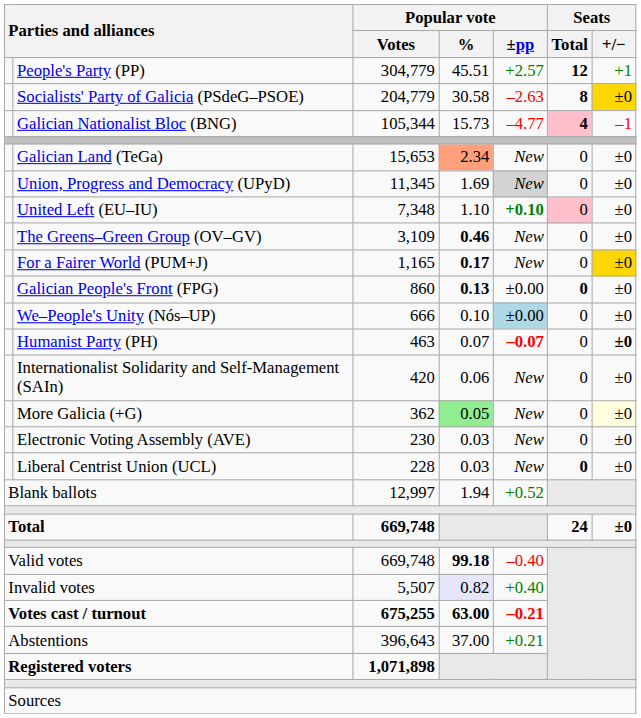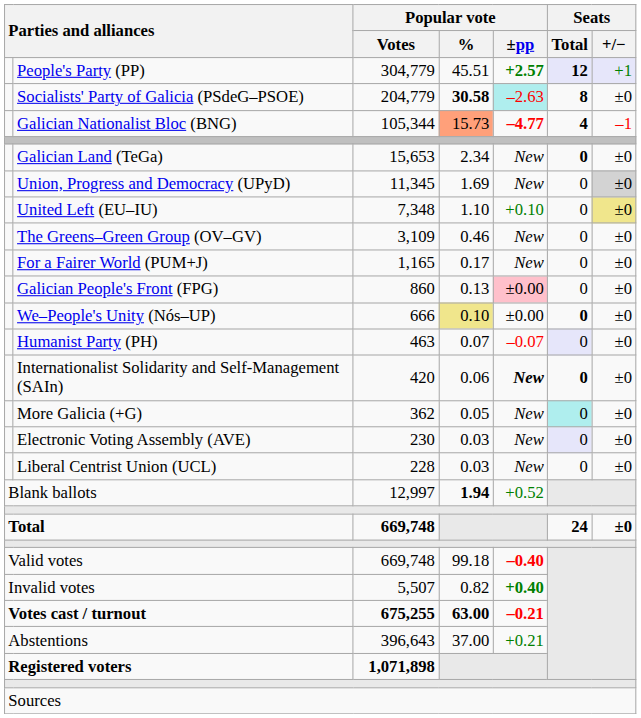 <table class="wikitable" style="text-align:right;">
 <tr>
 <th style="text-align:left;" rowspan="2" colspan="2" width="525">Parties and alliances</th>
 <th colspan="3">Popular vote</th>
 <th colspan="2">Seats</th>
 </tr>
 <tr>
 <th width="75">Votes</th>
 <th width="45">%</th>
 <th width="45">±<a href='#'>pp</a></th>
 <th width="35">Total</th>
 <th width="35">+/−</th>
 </tr>
 <tr>
 <td width="1" style="color:inherit;background:"></td>
 <td align="left"><a href='#'>People's Party</a> (PP)</td>
 <td>304,779</td>
 <td>45.51</td>
-<td style="color:green;">+2.57</td>
-<td><strong>12</strong></td>
-<td style="color:green;">+1</td>
+<td style="color:green;"><strong>+2.57</strong></td>
+<td style="background: lavender;"><strong>12</strong></td>
+<td style="background: lavender; color:green;">+1</td>
 </tr>
 <tr>
 <td style="color:inherit;background:"></td>
 <td align="left"><a href='#'>Socialists' Party of Galicia</a> (PSdeG–PSOE)</td>
 <td>204,779</td>
-<td>30.58</td>
-<td style="color:red;">–2.63</td>
+<td><strong>30.58</strong></td>
+<td style="background: paleturquoise; color:red;">–2.63</td>
 <td><strong>8</strong></td>
-<td style="background: gold;">±0</td>
+<td>±0</td>
 </tr>
 <tr>
 <td style="color:inherit;background:"></td>
 <td align="left"><a href='#'>Galician Nationalist Bloc</a> (BNG)</td>
 <td>105,344</td>
-<td>15.73</td>
-<td style="color:red;">–4.77</td>
-<td style="background: pink;"><strong>4</strong></td>
+<td style="background: lightsalmon;">15.73</td>
+<td style="color:red;"><strong>–4.77</strong></td>
+<td><strong>4</strong></td>
 <td style="color:red;">–1</td>
 </tr>
 <tr>
 <td colspan="7" bgcolor="#C0C0C0"></td>
 </tr>
 <tr>
 <td style="color:inherit;background:"></td>
 <td align="left"><a href='#'>Galician Land</a> (TeGa)</td>
 <td>15,653</td>
-<td style="background: lightsalmon;">2.34</td>
+<td>2.34</td>
 <td><em>New</em></td>
-<td>0</td>
+<td><strong>0</strong></td>
 <td>±0</td>
 </tr>
 <tr>
 <td style="color:inherit;background:"></td>
 <td align="left"><a href='#'>Union, Progress and Democracy</a> (UPyD)</td>
 <td>11,345</td>
 <td>1.69</td>
-<td style="background: lightgrey;"><em>New</em></td>
+<td><em>New</em></td>
 <td>0</td>
-<td>±0</td>
+<td style="background: lightgrey;">±0</td>
 </tr>
 <tr>
 <td style="color:inherit;background:"></td>
 <td align="left"><a href='#'>United Left</a> (EU–IU)</td>
 <td>7,348</td>
 <td>1.10</td>
-<td style="color:green;"><strong>+0.10</strong></td>
-<td style="background: pink;">0</td>
-<td>±0</td>
+<td style="color:green;">+0.10</td>
+<td>0</td>
+<td style="background: khaki;">±0</td>
 </tr>
 <tr>
 <td style="color:inherit;background:"></td>
 <td align="left"><a href='#'>The Greens–Green Group</a> (OV–GV)</td>
 <td>3,109</td>
-<td><strong>0.46</strong></td>
+<td>0.46</td>
 <td><em>New</em></td>
 <td>0</td>
 <td>±0</td>
 </tr>
 <tr>
 <td style="color:inherit;background:"></td>
 <td align="left"><a href='#'>For a Fairer World</a> (PUM+J)</td>
 <td>1,165</td>
-<td><strong>0.17</strong></td>
+<td>0.17</td>
 <td><em>New</em></td>
 <td>0</td>
-<td style="background: gold;">±0</td>
+<td>±0</td>
 </tr>
 <tr>
 <td style="color:inherit;background:"></td>
 <td align="left"><a href='#'>Galician People's Front</a> (FPG)</td>
 <td>860</td>
-<td><strong>0.13</strong></td>
-<td>±0.00</td>
-<td><strong>0</strong></td>
+<td>0.13</td>
+<td style="background: pink;">±0.00</td>
+<td>0</td>
 <td>±0</td>
 </tr>
 <tr>
 <td style="color:inherit;background:"></td>
 <td align="left"><a href='#'>We–People's Unity</a> (Nós–UP)</td>
 <td>666</td>
-<td>0.10</td>
-<td style="background: lightblue;">±0.00</td>
-<td>0</td>
+<td style="background: khaki;">0.10</td>
+<td>±0.00</td>
+<td><strong>0</strong></td>
 <td>±0</td>
 </tr>
 <tr>
 <td style="color:inherit;background:"></td>
 <td align="left"><a href='#'>Humanist Party</a> (PH)</td>
 <td>463</td>
 <td>0.07</td>
-<td style="color:red;"><strong>–0.07</strong></td>
-<td>0</td>
-<td><strong>±0</strong></td>
+<td style="color:red;">–0.07</td>
+<td style="background: lavender;">0</td>
+<td>±0</td>
 </tr>
 <tr>
 <td style="color:inherit;background:"></td>
 <td align="left">Internationalist Solidarity and Self-Management (SAIn)</td>
 <td>420</td>
 <td>0.06</td>
-<td><em>New</em></td>
-<td>0</td>
+<td><strong><em>New</em></strong></td>
+<td><strong>0</strong></td>
 <td>±0</td>
 </tr>
 <tr>
 <td style="color:inherit;background:"></td>
 <td align="left">More Galicia (+G)</td>
 <td>362</td>
-<td style="background: lightgreen;">0.05</td>
+<td>0.05</td>
 <td><em>New</em></td>
-<td>0</td>
-<td style="background: lightyellow;">±0</td>
+<td style="background: paleturquoise;">0</td>
+<td>±0</td>
 </tr>
 <tr>
 <td style="color:inherit;background:"></td>
 <td align="left">Electronic Voting Assembly (AVE)</td>
 <td>230</td>
 <td>0.03</td>
 <td><em>New</em></td>
-<td>0</td>
+<td style="background: lavender;">0</td>
 <td>±0</td>
 </tr>
 <tr>
 <td style="color:inherit;background:"></td>
 <td align="left">Liberal Centrist Union (UCL)</td>
 <td>228</td>
 <td>0.03</td>
 <td><em>New</em></td>
-<td><strong>0</strong></td>
+<td>0</td>
 <td>±0</td>
 </tr>
 <tr>
 <td align="left" colspan="2">Blank ballots</td>
 <td>12,997</td>
-<td>1.94</td>
+<td><strong>1.94</strong></td>
 <td style="color:green;">+0.52</td>
 <td bgcolor="#E9E9E9" colspan="2"></td>
 </tr>
 <tr>
 <td colspan="7" bgcolor="#E9E9E9"></td>
 </tr>
 <tr style="font-weight:bold;">
 <td align="left" colspan="2">Total</td>
 <td>669,748</td>
 <td bgcolor="#E9E9E9" colspan="2"></td>
 <td>24</td>
 <td>±0</td>
 </tr>
 <tr>
 <td colspan="7" bgcolor="#E9E9E9"></td>
 </tr>
 <tr>
 <td align="left" colspan="2">Valid votes</td>
 <td>669,748</td>
-<td><strong>99.18</strong></td>
-<td style="color:red;">–0.40</td>
+<td>99.18</td>
+<td style="color:red;"><strong>–0.40</strong></td>
 <td bgcolor="#E9E9E9" colspan="7" rowspan="5"></td>
 </tr>
 <tr>
 <td align="left" colspan="2">Invalid votes</td>
 <td>5,507</td>
-<td style="background: lavender;">0.82</td>
-<td style="color:green;">+0.40</td>
+<td>0.82</td>
+<td style="color:green;"><strong>+0.40</strong></td>
 </tr>
 <tr style="font-weight:bold;">
 <td align="left" colspan="2">Votes cast / turnout</td>
 <td>675,255</td>
 <td>63.00</td>
 <td style="color:red;">–0.21</td>
 </tr>
 <tr>
 <td align="left" colspan="2">Abstentions</td>
 <td>396,643</td>
 <td>37.00</td>
 <td style="color:green;">+0.21</td>
 </tr>
 <tr style="font-weight:bold;">
 <td align="left" colspan="2">Registered voters</td>
 <td>1,071,898</td>
 <td bgcolor="#E9E9E9" colspan="2"></td>
 </tr>
 <tr>
 <td colspan="7" bgcolor="#E9E9E9"></td>
 </tr>
 <tr>
 <td align="left" colspan="7">Sources</td>
 </tr>
 </table>
